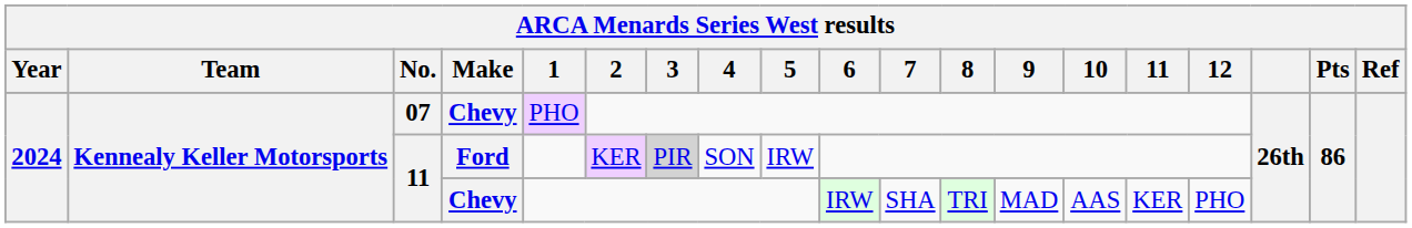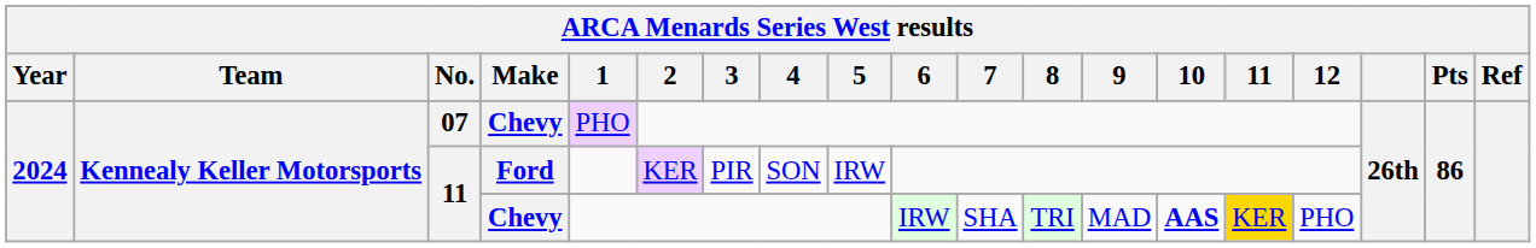 <table class="wikitable" style="text-align:center; font-size:75%">
 <tr>
 <th colspan=19><a href='#'>ARCA Menards Series West</a> results</th>
 </tr>
 <tr>
 <th>Year</th>
 <th>Team</th>
 <th>No.</th>
 <th>Make</th>
 <th>1</th>
 <th>2</th>
 <th>3</th>
 <th>4</th>
 <th>5</th>
 <th>6</th>
 <th>7</th>
 <th>8</th>
 <th>9</th>
 <th>10</th>
 <th>11</th>
 <th>12</th>
 <th></th>
 <th>Pts</th>
 <th>Ref</th>
 </tr>
 <tr>
 <th rowspan=3><a href='#'>2024</a></th>
 <th rowspan=3><a href='#'>Kennealy Keller Motorsports</a></th>
 <th>07</th>
 <th><a href='#'>Chevy</a></th>
 <td style="background:#EFCFFF;"><a href='#'>PHO</a><br></td>
 <td colspan=11></td>
 <th rowspan=3>26th</th>
 <th rowspan=3>86</th>
 <th rowspan=3></th>
 </tr>
 <tr>
 <th rowspan=2>11</th>
 <th><a href='#'>Ford</a></th>
 <td></td>
 <td style="background:#EFCFFF;"><a href='#'>KER</a><br></td>
-<td style="background: lightgrey;"><a href='#'>PIR</a></td>
+<td><a href='#'>PIR</a></td>
 <td><a href='#'>SON</a></td>
 <td><a href='#'>IRW</a></td>
 <td colspan=7></td>
 </tr>
 <tr>
 <th><a href='#'>Chevy</a></th>
 <td colspan=5></td>
 <td style="background:#DFFFDF;"><a href='#'>IRW</a><br></td>
 <td><a href='#'>SHA</a></td>
 <td style="background:#DFFFDF;"><a href='#'>TRI</a><br></td>
 <td><a href='#'>MAD</a></td>
-<td><a href='#'>AAS</a></td>
-<td><a href='#'>KER</a></td>
+<td><strong><a href='#'>AAS</a></strong></td>
+<td style="background: gold;"><a href='#'>KER</a></td>
 <td><a href='#'>PHO</a></td>
 </tr>
 </table>
